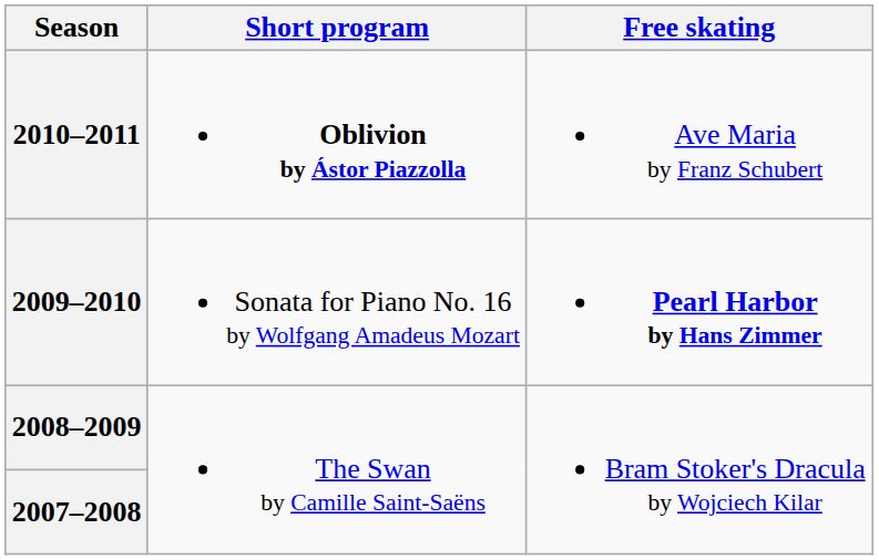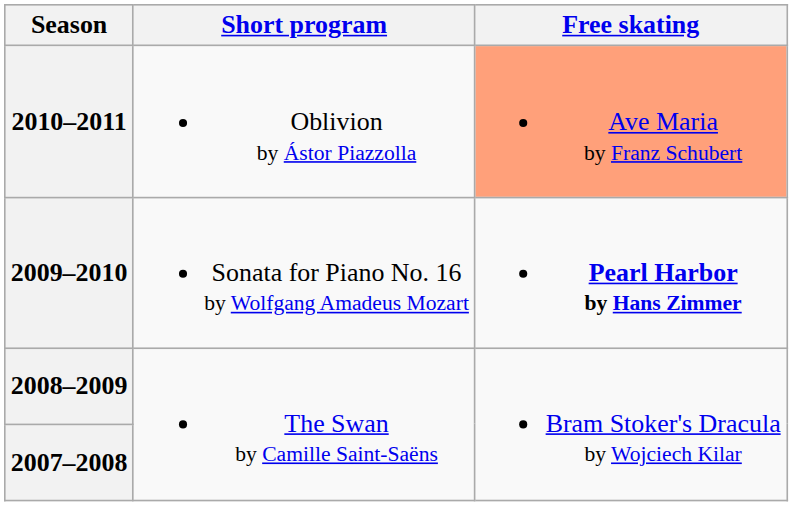 <table class="wikitable" style="text-align:center">
 <tr>
 <th>Season</th>
 <th><a href='#'>Short program</a></th>
 <th><a href='#'>Free skating</a></th>
 </tr>
 <tr>
 <th>2010–2011 <br> </th>
-<td><strong><br><ul><li>Oblivion  <br><small> by <a href='#'>Ástor Piazzolla</a> </small></li></ul></strong></td>
-<td><br><ul><li><a href='#'>Ave Maria</a> <br><small> by <a href='#'>Franz Schubert</a> </small></li></ul></td>
+<td><br><ul><li>Oblivion  <br><small> by <a href='#'>Ástor Piazzolla</a> </small></li></ul></td>
+<td style="background: lightsalmon;"><br><ul><li><a href='#'>Ave Maria</a> <br><small> by <a href='#'>Franz Schubert</a> </small></li></ul></td>
 </tr>
 <tr>
 <th>2009–2010 <br> </th>
 <td><br><ul><li>Sonata for Piano No. 16 <br><small> by <a href='#'>Wolfgang Amadeus Mozart</a> </small></li></ul></td>
 <td><strong><br><ul><li><a href='#'>Pearl Harbor</a> <br><small> by <a href='#'>Hans Zimmer</a> </small></li></ul></strong></td>
 </tr>
 <tr>
 <th>2008–2009 <br> </th>
 <td rowspan=2><br><ul><li><a href='#'>The Swan</a> <br><small> by <a href='#'>Camille Saint-Saëns</a> </small></li></ul></td>
 <td rowspan=2><br><ul><li><a href='#'>Bram Stoker's Dracula</a> <br><small> by <a href='#'>Wojciech Kilar</a> </small></li></ul></td>
 </tr>
 <tr>
 <th>2007–2008 <br> </th>
 </tr>
 </table>
